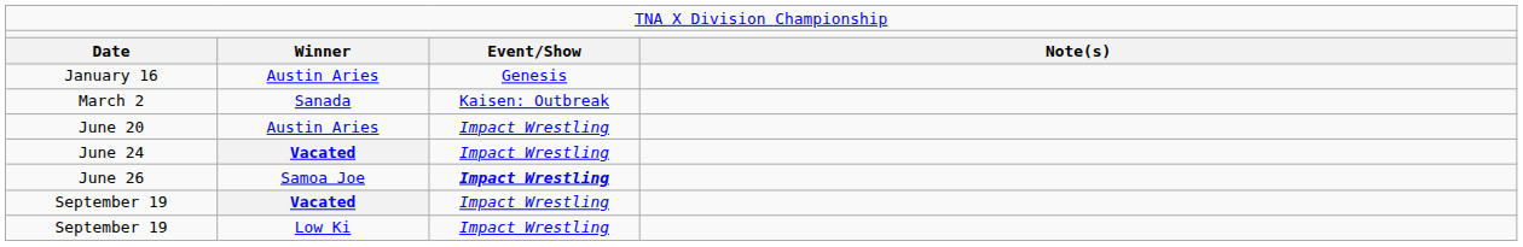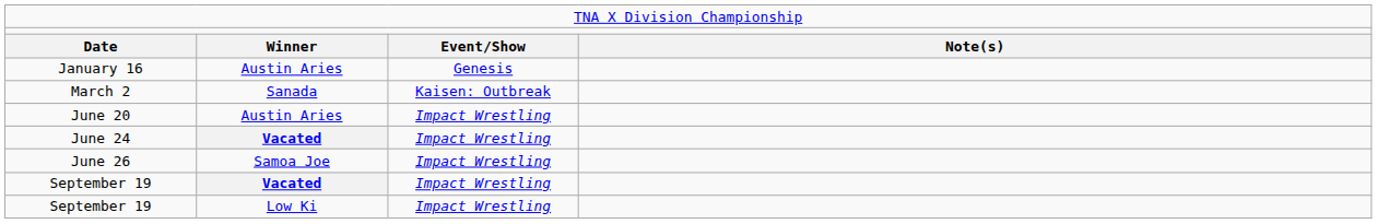 <table class="wikitable" style="text-align:center; width:100%;">
 <tr>
 <td colspan="5"><a href='#'>TNA X Division Championship</a></td>
 </tr>
 <tr>
 <td colspan="5"><strong></strong></td>
 </tr>
 <tr>
 <th width="14%">Date</th>
 <th width="14%">Winner</th>
 <th width="14%">Event/Show</th>
 <th width="58%">Note(s)</th>
 </tr>
 <tr>
 <td>January 16</td>
 <td><a href='#'>Austin Aries</a></td>
 <td><a href='#'>Genesis</a></td>
 <td></td>
 </tr>
 <tr>
 <td>March 2</td>
 <td><a href='#'>Sanada</a></td>
 <td><a href='#'>Kaisen: Outbreak</a></td>
 <td></td>
 </tr>
 <tr>
 <td>June 20</td>
 <td><a href='#'>Austin Aries</a></td>
 <td><em><a href='#'>Impact Wrestling</a></em></td>
 <td></td>
 </tr>
 <tr>
 <td>June 24</td>
 <th><a href='#'>Vacated</a></th>
 <td><em><a href='#'>Impact Wrestling</a></em></td>
 <td></td>
 </tr>
 <tr>
 <td>June 26</td>
 <td><a href='#'>Samoa Joe</a></td>
-<td><strong><em><a href='#'>Impact Wrestling</a></em></strong></td>
+<td><em><a href='#'>Impact Wrestling</a></em></td>
 <td></td>
 </tr>
 <tr>
 <td>September 19</td>
 <th><a href='#'>Vacated</a></th>
 <td><em><a href='#'>Impact Wrestling</a></em></td>
 <td></td>
 </tr>
 <tr>
 <td>September 19</td>
 <td><a href='#'>Low Ki</a></td>
 <td><em><a href='#'>Impact Wrestling</a></em></td>
 <td></td>
 </tr>
 </table>
